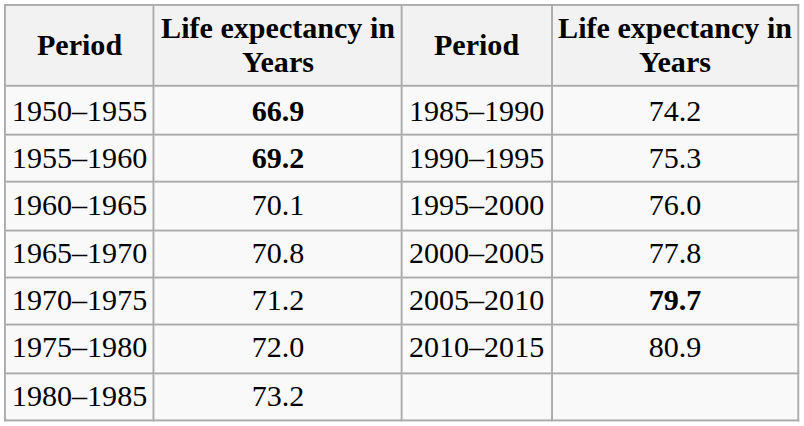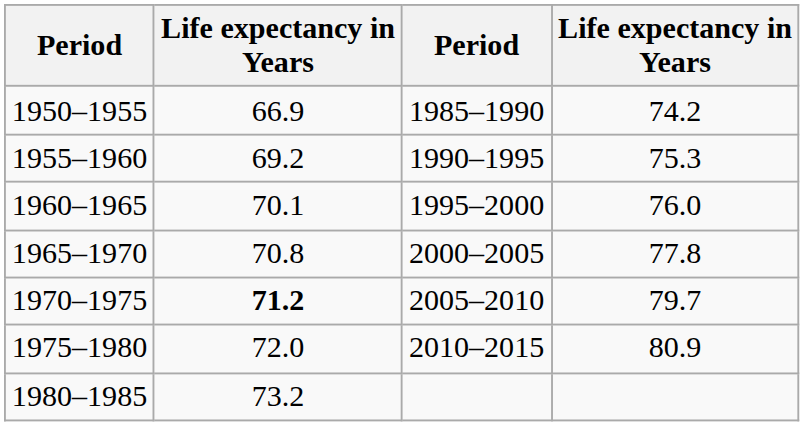 <table class="wikitable" style="text-align: center;">
 <tr>
 <th>Period</th>
 <th>Life expectancy in<br>Years</th>
 <th>Period</th>
 <th>Life expectancy in<br>Years</th>
 </tr>
 <tr>
 <td>1950–1955</td>
-<td><strong>66.9</strong></td>
+<td>66.9</td>
 <td>1985–1990</td>
 <td>74.2</td>
 </tr>
 <tr>
 <td>1955–1960</td>
-<td><strong>69.2</strong></td>
+<td>69.2</td>
 <td>1990–1995</td>
 <td>75.3</td>
 </tr>
 <tr>
 <td>1960–1965</td>
 <td>70.1</td>
 <td>1995–2000</td>
 <td>76.0</td>
 </tr>
 <tr>
 <td>1965–1970</td>
 <td>70.8</td>
 <td>2000–2005</td>
 <td>77.8</td>
 </tr>
 <tr>
 <td>1970–1975</td>
-<td>71.2</td>
+<td><strong>71.2</strong></td>
 <td>2005–2010</td>
-<td><strong>79.7</strong></td>
+<td>79.7</td>
 </tr>
 <tr>
 <td>1975–1980</td>
 <td>72.0</td>
 <td>2010–2015</td>
 <td>80.9</td>
 </tr>
 <tr>
 <td>1980–1985</td>
 <td>73.2</td>
 <td></td>
 <td></td>
 </tr>
 </table>
